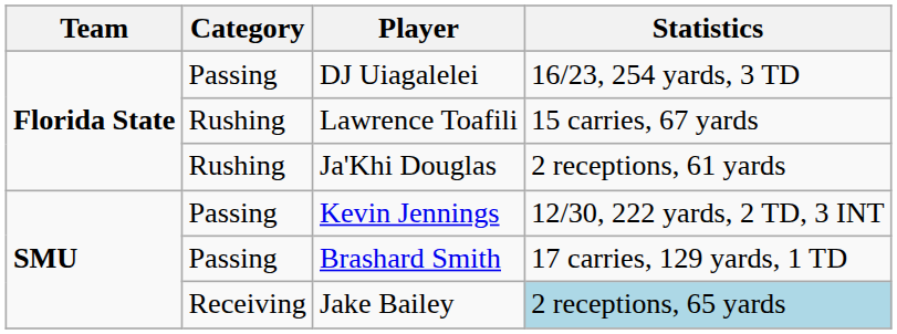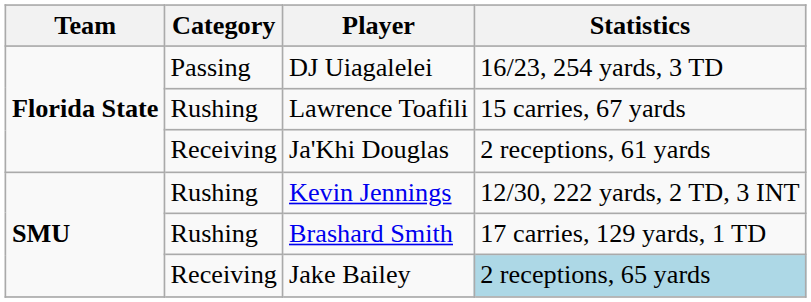 <table class="wikitable" style="float: right;">
 <tr>
 <th>Team</th>
 <th>Category</th>
 <th>Player</th>
 <th>Statistics</th>
 </tr>
 <tr>
 <td rowspan=3><strong>Florida State</strong></td>
 <td>Passing</td>
 <td>DJ Uiagalelei</td>
 <td>16/23, 254 yards, 3 TD</td>
 </tr>
 <tr>
 <td>Rushing</td>
 <td>Lawrence Toafili</td>
 <td>15 carries, 67 yards</td>
 </tr>
 <tr>
-<td>Rushing</td>
+<td>Receiving</td>
 <td>Ja'Khi Douglas</td>
 <td>2 receptions, 61 yards</td>
 </tr>
 <tr>
 <td rowspan=3><strong>SMU</strong></td>
-<td>Passing</td>
+<td>Rushing</td>
 <td><a href='#'>Kevin Jennings</a></td>
 <td>12/30, 222 yards, 2 TD, 3 INT</td>
 </tr>
 <tr>
-<td>Passing</td>
+<td>Rushing</td>
 <td><a href='#'>Brashard Smith</a></td>
 <td>17 carries, 129 yards, 1 TD</td>
 </tr>
 <tr>
 <td>Receiving</td>
 <td>Jake Bailey</td>
 <td style="background: lightblue;">2 receptions, 65 yards</td>
 </tr>
 </table>
